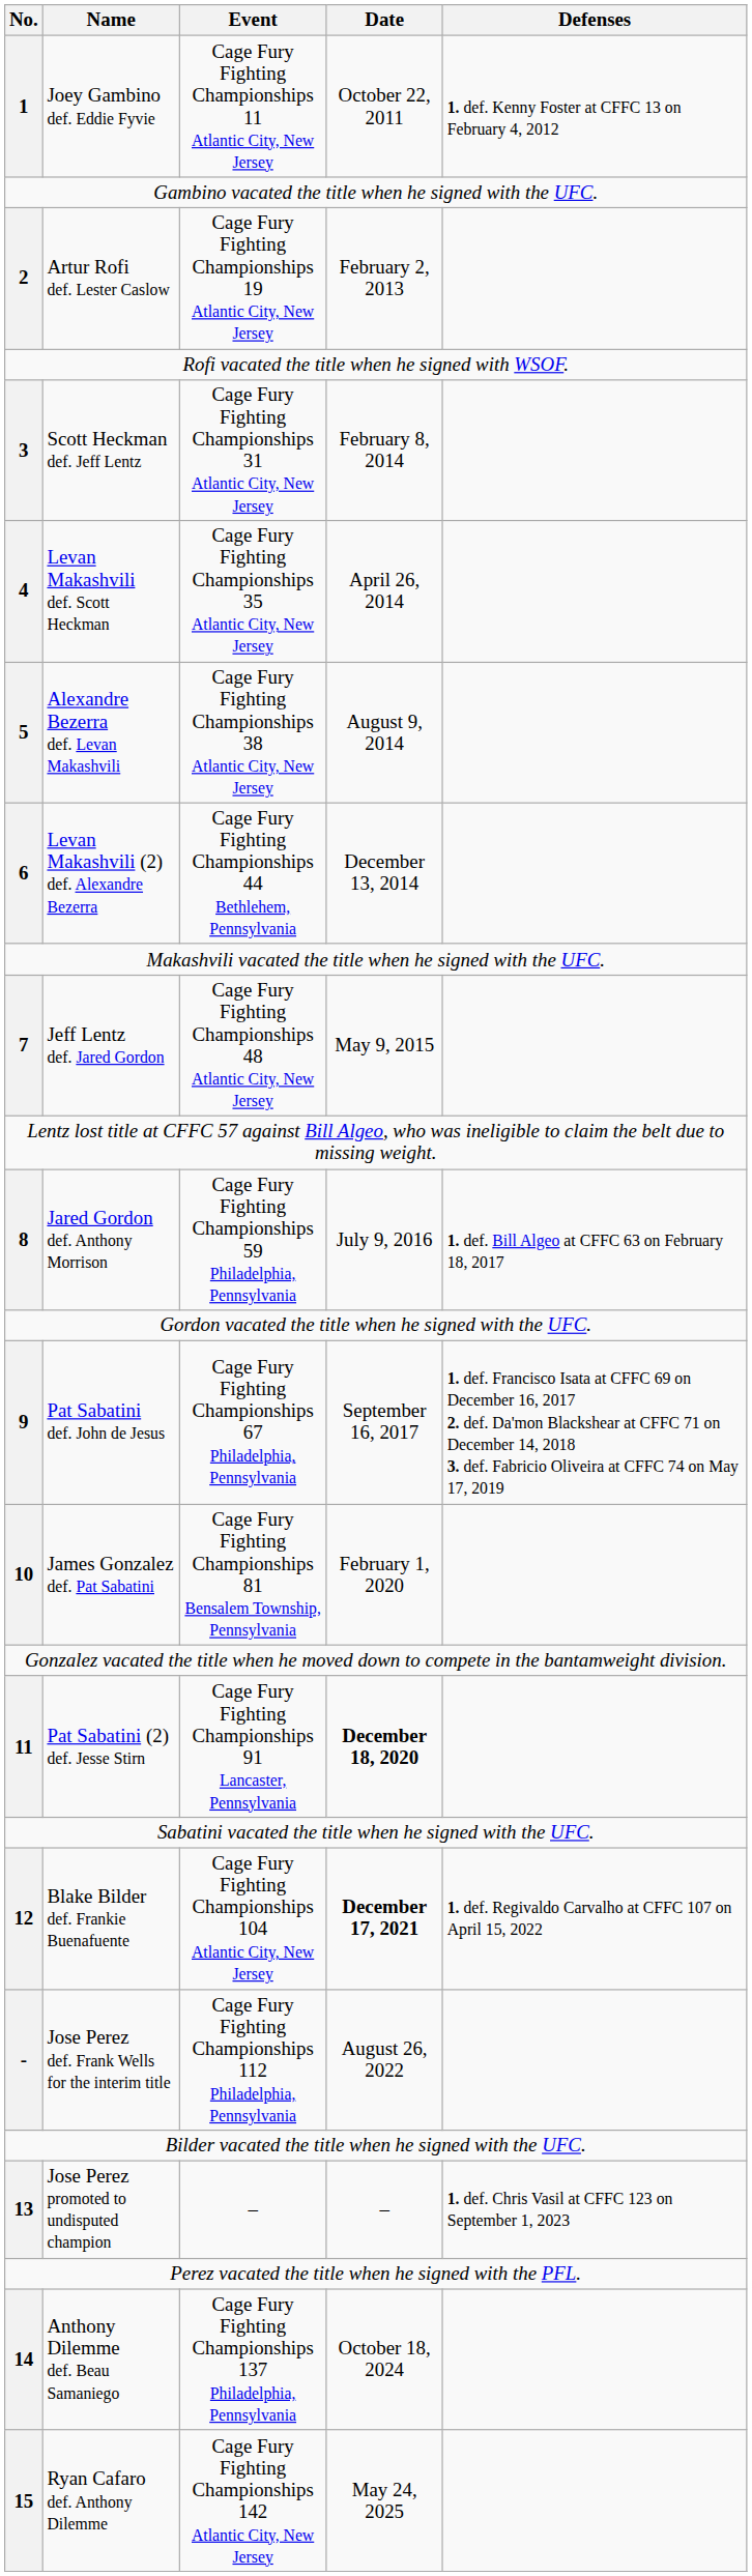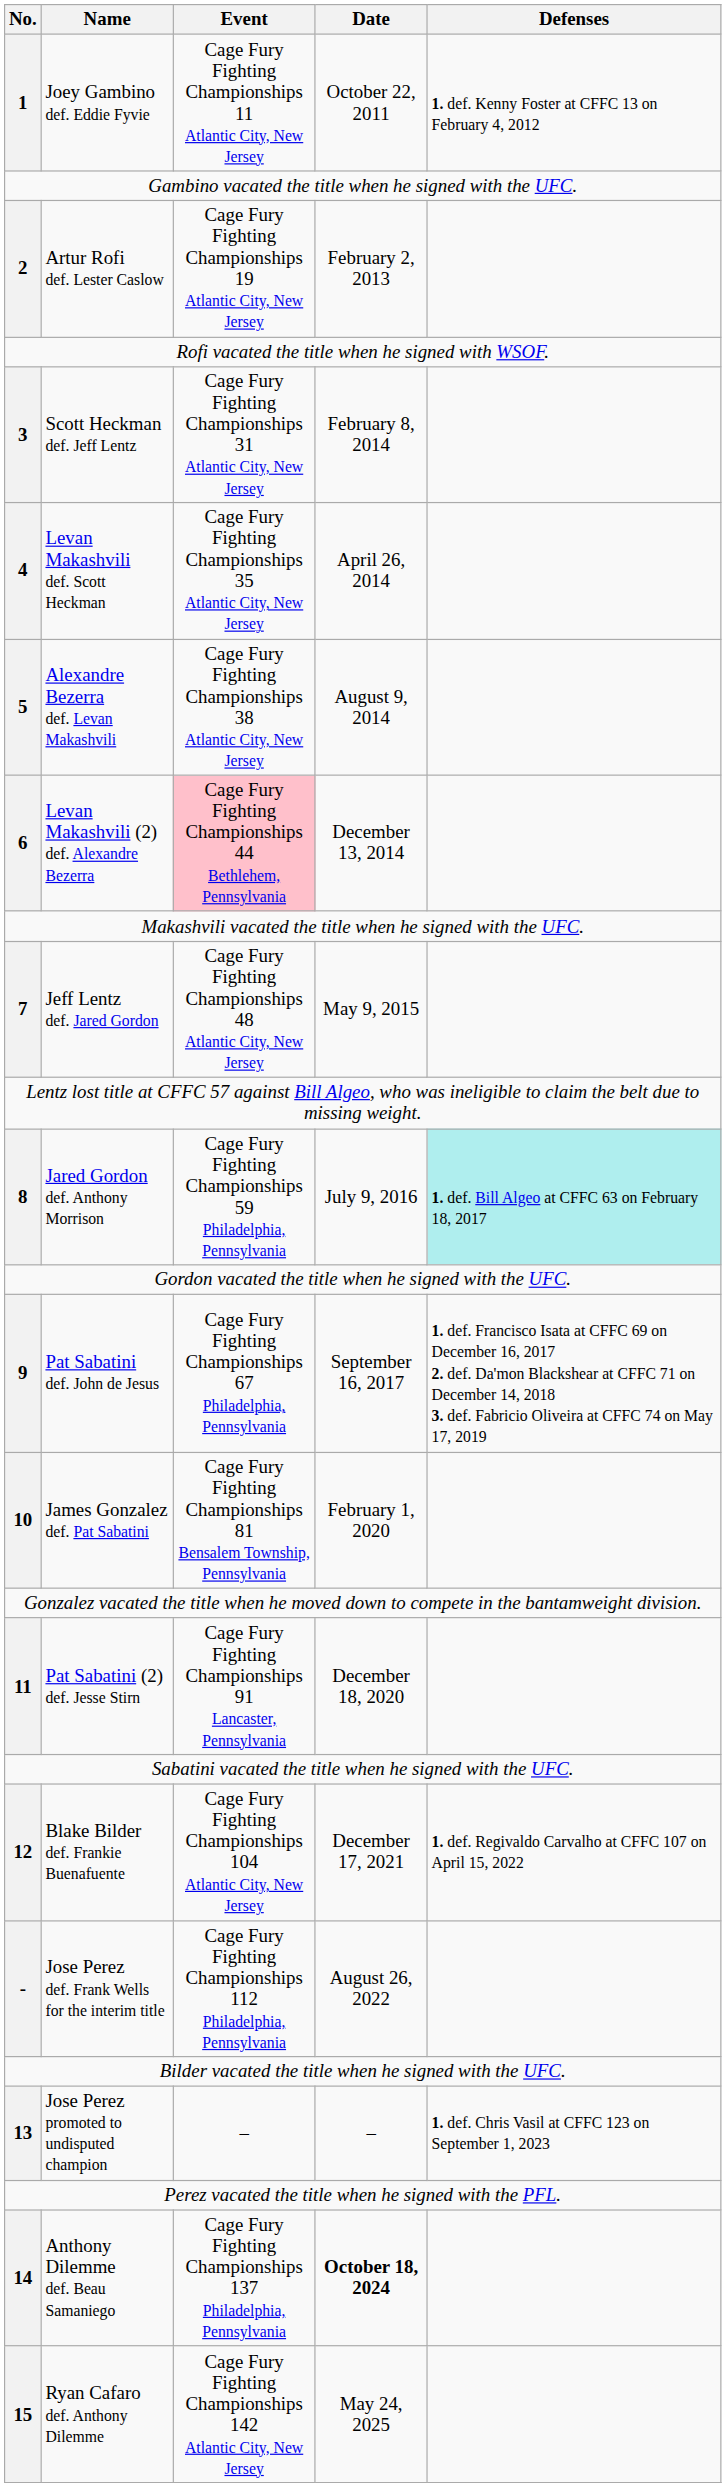 <table class="wikitable">
 <tr>
 <th width=1%>No.</th>
 <th width=19%>Name</th>
 <th width=20%>Event</th>
 <th width=16%>Date</th>
 <th width=44%>Defenses</th>
 </tr>
 <tr>
 <th>1</th>
 <td style="text-align:left"> Joey Gambino<br><small>def. Eddie Fyvie</small></td>
 <td style="text-align:center">Cage Fury Fighting Championships 11<br><small><a href='#'>Atlantic City, New Jersey</a></small></td>
 <td style="text-align:center">October 22, 2011</td>
 <td><br><small><strong>1.</strong> def. Kenny Foster at CFFC 13 on February 4, 2012</small></td>
 </tr>
 <tr>
 <td style="text-align:center" colspan="5"><em>Gambino vacated the title when he signed with the <a href='#'>UFC</a>.</em></td>
 </tr>
 <tr>
 <th>2</th>
 <td style="text-align:left"> Artur Rofi<br><small>def. Lester Caslow</small></td>
 <td style="text-align:center">Cage Fury Fighting Championships 19<br><small><a href='#'>Atlantic City, New Jersey</a></small></td>
 <td style="text-align:center">February 2, 2013</td>
 <td></td>
 </tr>
 <tr>
 <td style="text-align:center" colspan="5"><em>Rofi vacated the title when he signed with <a href='#'>WSOF</a>.</em></td>
 </tr>
 <tr>
 <th>3</th>
 <td style="text-align:left"> Scott Heckman<br><small>def. Jeff Lentz</small></td>
 <td style="text-align:center">Cage Fury Fighting Championships 31<br><small><a href='#'>Atlantic City, New Jersey</a></small></td>
 <td style="text-align:center">February 8, 2014</td>
 <td></td>
 </tr>
 <tr>
 <th>4</th>
 <td style="text-align:left"> <a href='#'>Levan Makashvili</a><br><small>def. Scott Heckman</small></td>
 <td style="text-align:center">Cage Fury Fighting Championships 35<br><small><a href='#'>Atlantic City, New Jersey</a></small></td>
 <td style="text-align:center">April 26, 2014</td>
 <td></td>
 </tr>
 <tr>
 <th>5</th>
 <td style="text-align:left"> <a href='#'>Alexandre Bezerra</a><br><small></small><small>def. <a href='#'>Levan Makashvili</a></small></td>
 <td style="text-align:center">Cage Fury Fighting Championships 38<br><small><a href='#'>Atlantic City, New Jersey</a></small></td>
 <td style="text-align:center">August 9, 2014</td>
 <td></td>
 </tr>
 <tr>
 <th>6</th>
 <td style="text-align:left"> <a href='#'>Levan Makashvili</a> (2)<br><small>def. <a href='#'>Alexandre Bezerra</a></small></td>
-<td style="text-align:center">Cage Fury Fighting Championships 44<br><small><a href='#'>Bethlehem, Pennsylvania</a></small></td>
+<td style="background: pink; text-align:center">Cage Fury Fighting Championships 44<br><small><a href='#'>Bethlehem, Pennsylvania</a></small></td>
 <td style="text-align:center">December 13, 2014</td>
 <td></td>
 </tr>
 <tr>
 <td style="text-align:center" colspan="5"><em>Makashvili vacated the title when he signed with the <a href='#'>UFC</a>.</em></td>
 </tr>
 <tr>
 <th>7</th>
 <td style="text-align:left"> Jeff Lentz<br><small>def. <a href='#'>Jared Gordon</a></small></td>
 <td style="text-align:center">Cage Fury Fighting Championships 48<br><small><a href='#'>Atlantic City, New Jersey</a></small></td>
 <td style="text-align:center">May 9, 2015</td>
 <td></td>
 </tr>
 <tr>
 <td style="text-align:center" colspan="5"><em>Lentz lost title at CFFC 57 against <a href='#'>Bill Algeo</a>, who was ineligible to claim the belt due to missing weight.</em></td>
 </tr>
 <tr>
 <th>8</th>
 <td style="text-align:left"> <a href='#'>Jared Gordon</a><br><small>def. Anthony Morrison</small></td>
 <td style="text-align:center">Cage Fury Fighting Championships 59<br><small><a href='#'>Philadelphia, Pennsylvania</a></small></td>
 <td style="text-align:center">July 9, 2016</td>
-<td><br><small><strong>1.</strong> def. <a href='#'>Bill Algeo</a> at CFFC 63 on February 18, 2017</small></td>
+<td style="background: paleturquoise;"><br><small><strong>1.</strong> def. <a href='#'>Bill Algeo</a> at CFFC 63 on February 18, 2017</small></td>
 </tr>
 <tr>
 <td style="text-align:center" colspan="5"><em>Gordon vacated the title when he signed with the <a href='#'>UFC</a>.</em></td>
 </tr>
 <tr>
 <th>9</th>
 <td style="text-align:left"> <a href='#'>Pat Sabatini</a><br><small>def. John de Jesus</small></td>
 <td style="text-align:center">Cage Fury Fighting Championships 67<br><small><a href='#'>Philadelphia, Pennsylvania</a></small></td>
 <td style="text-align:center">September 16, 2017</td>
 <td><br><small><strong>1.</strong> def. Francisco Isata at CFFC 69 on December 16, 2017<br> <strong>2.</strong> def. Da'mon Blackshear at CFFC 71 on December 14, 2018<br> <strong>3.</strong> def. Fabricio Oliveira at CFFC 74 on May 17, 2019</small></td>
 </tr>
 <tr>
 <th>10</th>
 <td style="text-align:left"> James Gonzalez <br><small>def. <a href='#'>Pat Sabatini</a></small></td>
 <td style="text-align:center">Cage Fury Fighting Championships 81<br><small><a href='#'>Bensalem Township, Pennsylvania</a></small></td>
 <td style="text-align:center">February 1, 2020</td>
 <td></td>
 </tr>
 <tr>
 <td style="text-align:center" colspan="5"><em>Gonzalez vacated the title when he moved down to compete in the bantamweight division.</em></td>
 </tr>
 <tr>
 <th>11</th>
 <td style="text-align:left"> <a href='#'>Pat Sabatini</a> (2)<br><small>def. Jesse Stirn</small></td>
 <td style="text-align:center">Cage Fury Fighting Championships 91<br><small><a href='#'>Lancaster, Pennsylvania</a></small></td>
-<td style="text-align:center"><strong>December 18, 2020</strong></td>
+<td style="text-align:center">December 18, 2020</td>
 <td></td>
 </tr>
 <tr>
 <td style="text-align:center" colspan="5"><em>Sabatini vacated the title when he signed with the <a href='#'>UFC</a>.</em></td>
 </tr>
 <tr>
 <th>12</th>
 <td style="text-align:left"> Blake Bilder <br><small>def. Frankie Buenafuente</small></td>
 <td style="text-align:center">Cage Fury Fighting Championships 104<br><small><a href='#'>Atlantic City, New Jersey</a></small></td>
-<td style="text-align:center"><strong>December 17, 2021</strong></td>
+<td style="text-align:center">December 17, 2021</td>
 <td><small><strong>1.</strong> def. Regivaldo Carvalho at CFFC 107 on April 15, 2022</small></td>
 </tr>
 <tr>
 <th>-</th>
 <td style="text-align:left"> Jose Perez <br><small>def. Frank Wells for the interim title</small></td>
 <td style="text-align:center">Cage Fury Fighting Championships 112<br><small><a href='#'>Philadelphia, Pennsylvania</a></small></td>
 <td style="text-align:center">August 26, 2022</td>
 <td></td>
 </tr>
 <tr>
 <td style="text-align:center" colspan="5"><em>Bilder vacated the title when he signed with the <a href='#'>UFC</a>.</em></td>
 </tr>
 <tr>
 <th>13</th>
 <td style="text-align:left"> Jose Perez<br><small>promoted to undisputed champion</small></td>
 <td style="text-align:center">–</td>
 <td style="text-align:center">–</td>
 <td><small><strong>1.</strong> def. Chris Vasil at CFFC 123 on September 1, 2023</small></td>
 </tr>
 <tr>
 <td style="text-align:center" colspan="5"><em>Perez vacated the title when he signed with the <a href='#'>PFL</a>.</em></td>
 </tr>
 <tr>
 <th>14</th>
 <td style="text-align:left"> Anthony Dilemme<br><small>def. Beau Samaniego</small></td>
 <td style="text-align:center">Cage Fury Fighting Championships 137<br><small><a href='#'>Philadelphia, Pennsylvania</a></small></td>
-<td style="text-align:center">October 18, 2024</td>
+<td style="text-align:center"><strong>October 18, 2024</strong></td>
 <td></td>
 </tr>
 <tr>
 <th>15</th>
 <td style="text-align:left"> Ryan Cafaro<br><small>def. Anthony Dilemme</small></td>
 <td style="text-align:center">Cage Fury Fighting Championships 142<br><small><a href='#'>Atlantic City, New Jersey</a></small></td>
 <td style="text-align:center">May 24, 2025</td>
 <td></td>
 </tr>
 <tr>
 </tr>
 </table>
